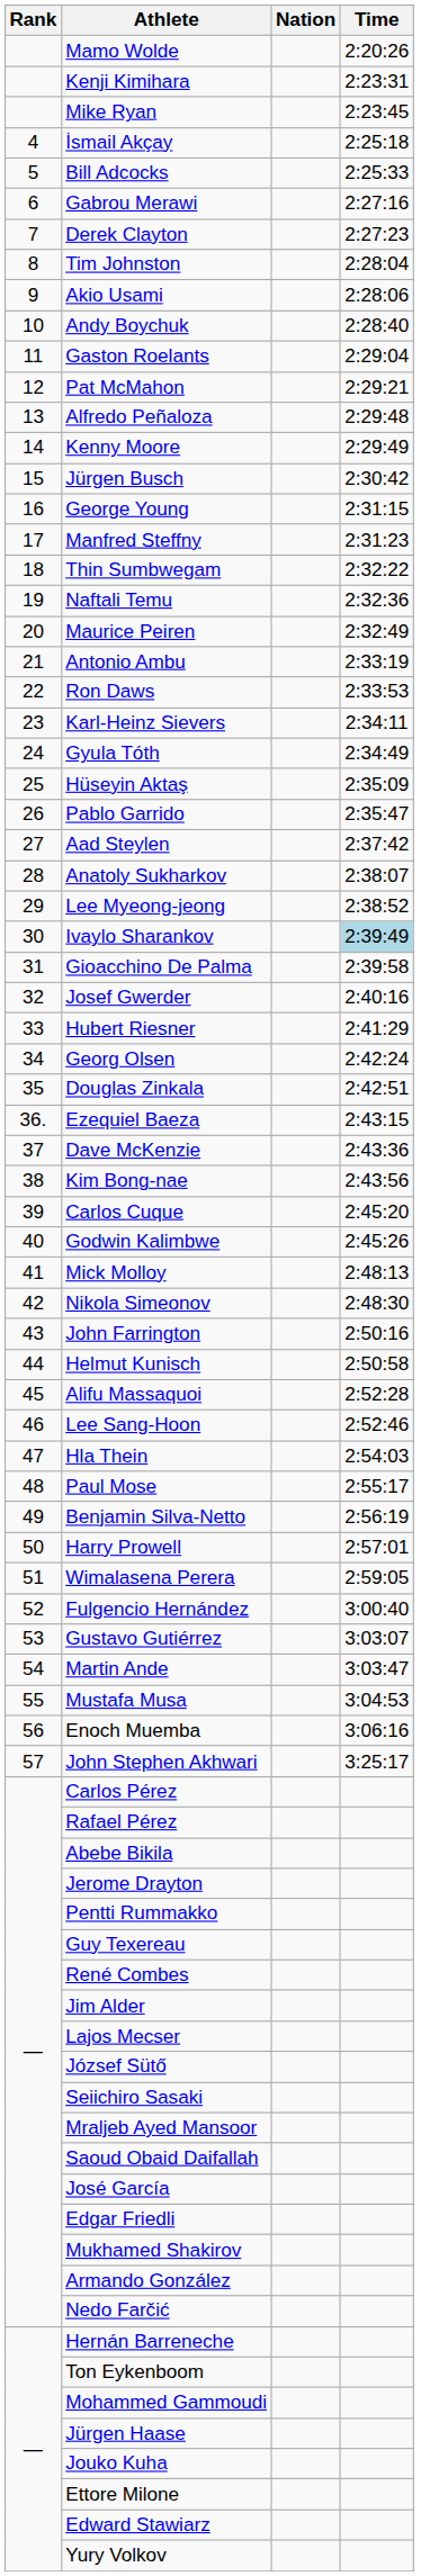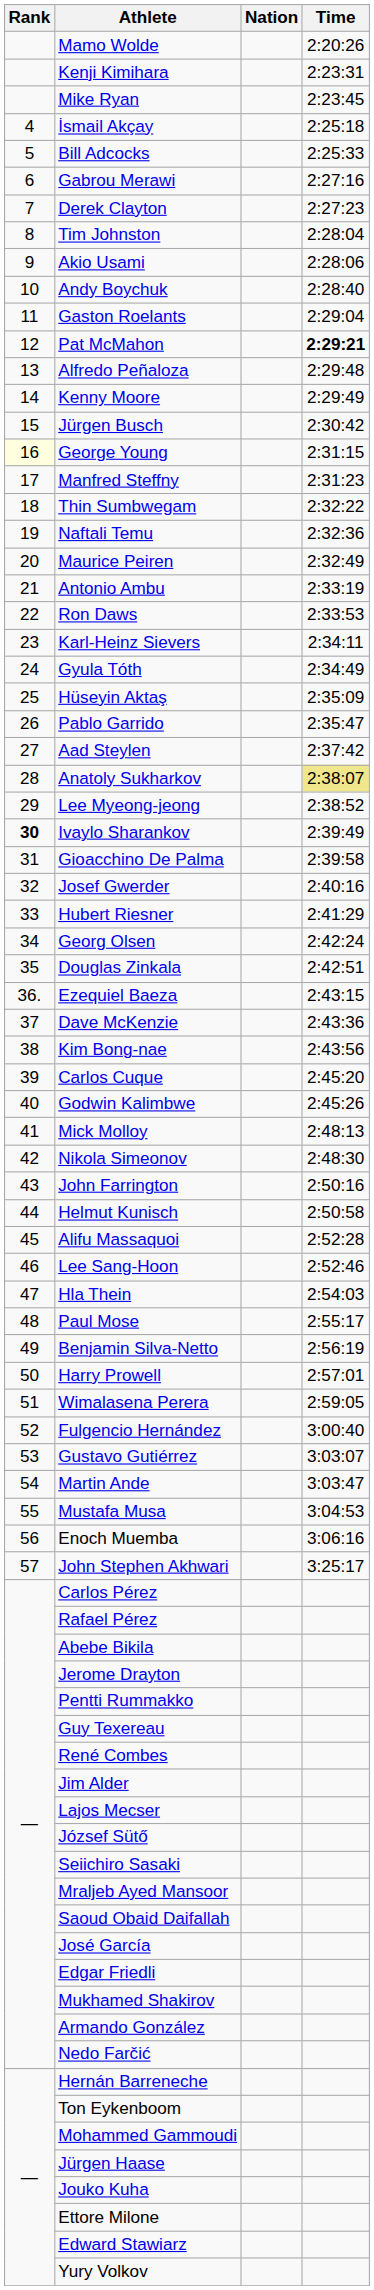 <table class="wikitable sortable" style="text-align:center">
 <tr>
 <th>Rank</th>
 <th>Athlete</th>
 <th>Nation</th>
 <th>Time</th>
 </tr>
 <tr>
 <td></td>
 <td align=left><a href='#'>Mamo Wolde</a></td>
 <td align=left></td>
 <td>2:20:26</td>
 </tr>
 <tr>
 <td></td>
 <td align=left><a href='#'>Kenji Kimihara</a></td>
 <td align=left></td>
 <td>2:23:31</td>
 </tr>
 <tr>
 <td></td>
 <td align=left><a href='#'>Mike Ryan</a></td>
 <td align=left></td>
 <td>2:23:45</td>
 </tr>
 <tr>
 <td>4</td>
 <td align=left><a href='#'>İsmail Akçay</a></td>
 <td align=left></td>
 <td>2:25:18</td>
 </tr>
 <tr>
 <td>5</td>
 <td align=left><a href='#'>Bill Adcocks</a></td>
 <td align=left></td>
 <td>2:25:33</td>
 </tr>
 <tr>
 <td>6</td>
 <td align=left><a href='#'>Gabrou Merawi</a></td>
 <td align=left></td>
 <td>2:27:16</td>
 </tr>
 <tr>
 <td>7</td>
 <td align=left><a href='#'>Derek Clayton</a></td>
 <td align=left></td>
 <td>2:27:23</td>
 </tr>
 <tr>
 <td>8</td>
 <td align=left><a href='#'>Tim Johnston</a></td>
 <td align=left></td>
 <td>2:28:04</td>
 </tr>
 <tr>
 <td>9</td>
 <td align=left><a href='#'>Akio Usami</a></td>
 <td align=left></td>
 <td>2:28:06</td>
 </tr>
 <tr>
 <td>10</td>
 <td align=left><a href='#'>Andy Boychuk</a></td>
 <td align=left></td>
 <td>2:28:40</td>
 </tr>
 <tr>
 <td>11</td>
 <td align=left><a href='#'>Gaston Roelants</a></td>
 <td align=left></td>
 <td>2:29:04</td>
 </tr>
 <tr>
 <td>12</td>
 <td align=left><a href='#'>Pat McMahon</a></td>
 <td align=left></td>
-<td>2:29:21</td>
+<td><strong>2:29:21</strong></td>
 </tr>
 <tr>
 <td>13</td>
 <td align=left><a href='#'>Alfredo Peñaloza</a></td>
 <td align=left></td>
 <td>2:29:48</td>
 </tr>
 <tr>
 <td>14</td>
 <td align=left><a href='#'>Kenny Moore</a></td>
 <td align=left></td>
 <td>2:29:49</td>
 </tr>
 <tr>
 <td>15</td>
 <td align=left><a href='#'>Jürgen Busch</a></td>
 <td align=left></td>
 <td>2:30:42</td>
 </tr>
 <tr>
-<td>16</td>
+<td style="background: lightyellow;">16</td>
 <td align=left><a href='#'>George Young</a></td>
 <td align=left></td>
 <td>2:31:15</td>
 </tr>
 <tr>
 <td>17</td>
 <td align=left><a href='#'>Manfred Steffny</a></td>
 <td align=left></td>
 <td>2:31:23</td>
 </tr>
 <tr>
 <td>18</td>
 <td align=left><a href='#'>Thin Sumbwegam</a></td>
 <td align=left></td>
 <td>2:32:22</td>
 </tr>
 <tr>
 <td>19</td>
 <td align=left><a href='#'>Naftali Temu</a></td>
 <td align=left></td>
 <td>2:32:36</td>
 </tr>
 <tr>
 <td>20</td>
 <td align=left><a href='#'>Maurice Peiren</a></td>
 <td align=left></td>
 <td>2:32:49</td>
 </tr>
 <tr>
 <td>21</td>
 <td align=left><a href='#'>Antonio Ambu</a></td>
 <td align=left></td>
 <td>2:33:19</td>
 </tr>
 <tr>
 <td>22</td>
 <td align=left><a href='#'>Ron Daws</a></td>
 <td align=left></td>
 <td>2:33:53</td>
 </tr>
 <tr>
 <td>23</td>
 <td align=left><a href='#'>Karl-Heinz Sievers</a></td>
 <td align=left></td>
 <td>2:34:11</td>
 </tr>
 <tr>
 <td>24</td>
 <td align=left><a href='#'>Gyula Tóth</a></td>
 <td align=left></td>
 <td>2:34:49</td>
 </tr>
 <tr>
 <td>25</td>
 <td align=left><a href='#'>Hüseyin Aktaş</a></td>
 <td align=left></td>
 <td>2:35:09</td>
 </tr>
 <tr>
 <td>26</td>
 <td align=left><a href='#'>Pablo Garrido</a></td>
 <td align=left></td>
 <td>2:35:47</td>
 </tr>
 <tr>
 <td>27</td>
 <td align=left><a href='#'>Aad Steylen</a></td>
 <td align=left></td>
 <td>2:37:42</td>
 </tr>
 <tr>
 <td>28</td>
 <td align=left><a href='#'>Anatoly Sukharkov</a></td>
 <td align=left></td>
-<td>2:38:07</td>
+<td style="background: khaki;">2:38:07</td>
 </tr>
 <tr>
 <td>29</td>
 <td align=left><a href='#'>Lee Myeong-jeong</a></td>
 <td align=left></td>
 <td>2:38:52</td>
 </tr>
 <tr>
-<td>30</td>
+<td><strong>30</strong></td>
 <td align=left><a href='#'>Ivaylo Sharankov</a></td>
 <td align=left></td>
-<td style="background: lightblue;">2:39:49</td>
+<td>2:39:49</td>
 </tr>
 <tr>
 <td>31</td>
 <td align=left><a href='#'>Gioacchino De Palma</a></td>
 <td align=left></td>
 <td>2:39:58</td>
 </tr>
 <tr>
 <td>32</td>
 <td align=left><a href='#'>Josef Gwerder</a></td>
 <td align=left></td>
 <td>2:40:16</td>
 </tr>
 <tr>
 <td>33</td>
 <td align=left><a href='#'>Hubert Riesner</a></td>
 <td align=left></td>
 <td>2:41:29</td>
 </tr>
 <tr>
 <td>34</td>
 <td align=left><a href='#'>Georg Olsen</a></td>
 <td align=left></td>
 <td>2:42:24</td>
 </tr>
 <tr>
 <td>35</td>
 <td align=left><a href='#'>Douglas Zinkala</a></td>
 <td align=left></td>
 <td>2:42:51</td>
 </tr>
 <tr>
 <td>36.</td>
 <td align=left><a href='#'>Ezequiel Baeza</a></td>
 <td align=left></td>
 <td>2:43:15</td>
 </tr>
 <tr>
 <td>37</td>
 <td align=left><a href='#'>Dave McKenzie</a></td>
 <td align=left></td>
 <td>2:43:36</td>
 </tr>
 <tr>
 <td>38</td>
 <td align=left><a href='#'>Kim Bong-nae</a></td>
 <td align=left></td>
 <td>2:43:56</td>
 </tr>
 <tr>
 <td>39</td>
 <td align=left><a href='#'>Carlos Cuque</a></td>
 <td align=left></td>
 <td>2:45:20</td>
 </tr>
 <tr>
 <td>40</td>
 <td align=left><a href='#'>Godwin Kalimbwe</a></td>
 <td align=left></td>
 <td>2:45:26</td>
 </tr>
 <tr>
 <td>41</td>
 <td align=left><a href='#'>Mick Molloy</a></td>
 <td align=left></td>
 <td>2:48:13</td>
 </tr>
 <tr>
 <td>42</td>
 <td align=left><a href='#'>Nikola Simeonov</a></td>
 <td align=left></td>
 <td>2:48:30</td>
 </tr>
 <tr>
 <td>43</td>
 <td align=left><a href='#'>John Farrington</a></td>
 <td align=left></td>
 <td>2:50:16</td>
 </tr>
 <tr>
 <td>44</td>
 <td align=left><a href='#'>Helmut Kunisch</a></td>
 <td align=left></td>
 <td>2:50:58</td>
 </tr>
 <tr>
 <td>45</td>
 <td align=left><a href='#'>Alifu Massaquoi</a></td>
 <td align=left></td>
 <td>2:52:28</td>
 </tr>
 <tr>
 <td>46</td>
 <td align=left><a href='#'>Lee Sang-Hoon</a></td>
 <td align=left></td>
 <td>2:52:46</td>
 </tr>
 <tr>
 <td>47</td>
 <td align=left><a href='#'>Hla Thein</a></td>
 <td align=left></td>
 <td>2:54:03</td>
 </tr>
 <tr>
 <td>48</td>
 <td align=left><a href='#'>Paul Mose</a></td>
 <td align=left></td>
 <td>2:55:17</td>
 </tr>
 <tr>
 <td>49</td>
 <td align=left><a href='#'>Benjamin Silva-Netto</a></td>
 <td align=left></td>
 <td>2:56:19</td>
 </tr>
 <tr>
 <td>50</td>
 <td align=left><a href='#'>Harry Prowell</a></td>
 <td align=left></td>
 <td>2:57:01</td>
 </tr>
 <tr>
 <td>51</td>
 <td align=left><a href='#'>Wimalasena Perera</a></td>
 <td align=left></td>
 <td>2:59:05</td>
 </tr>
 <tr>
 <td>52</td>
 <td align=left><a href='#'>Fulgencio Hernández</a></td>
 <td align=left></td>
 <td>3:00:40</td>
 </tr>
 <tr>
 <td>53</td>
 <td align=left><a href='#'>Gustavo Gutiérrez</a></td>
 <td align=left></td>
 <td>3:03:07</td>
 </tr>
 <tr>
 <td>54</td>
 <td align=left><a href='#'>Martin Ande</a></td>
 <td align=left></td>
 <td>3:03:47</td>
 </tr>
 <tr>
 <td>55</td>
 <td align=left><a href='#'>Mustafa Musa</a></td>
 <td align=left></td>
 <td>3:04:53</td>
 </tr>
 <tr>
 <td>56</td>
 <td align=left>Enoch Muemba</td>
 <td align=left></td>
 <td>3:06:16</td>
 </tr>
 <tr>
 <td>57</td>
 <td align=left><a href='#'>John Stephen Akhwari</a></td>
 <td align=left></td>
 <td>3:25:17</td>
 </tr>
 <tr>
 <td rowspan=18 data-sort-value=58>—</td>
 <td align=left><a href='#'>Carlos Pérez</a></td>
 <td align=left></td>
 <td data-sort-value=4:00:00></td>
 </tr>
 <tr>
 <td align=left><a href='#'>Rafael Pérez</a></td>
 <td align=left></td>
 <td data-sort-value=4:00:00></td>
 </tr>
 <tr>
 <td align=left><a href='#'>Abebe Bikila</a></td>
 <td align=left></td>
 <td data-sort-value=4:00:00></td>
 </tr>
 <tr>
 <td align=left><a href='#'>Jerome Drayton</a></td>
 <td align=left></td>
 <td data-sort-value=4:00:00></td>
 </tr>
 <tr>
 <td align=left><a href='#'>Pentti Rummakko</a></td>
 <td align=left></td>
 <td data-sort-value=4:00:00></td>
 </tr>
 <tr>
 <td align=left><a href='#'>Guy Texereau</a></td>
 <td align=left></td>
 <td data-sort-value=4:00:00></td>
 </tr>
 <tr>
 <td align=left><a href='#'>René Combes</a></td>
 <td align=left></td>
 <td data-sort-value=4:00:00></td>
 </tr>
 <tr>
 <td align=left><a href='#'>Jim Alder</a></td>
 <td align=left></td>
 <td data-sort-value=4:00:00></td>
 </tr>
 <tr>
 <td align=left><a href='#'>Lajos Mecser</a></td>
 <td align=left></td>
 <td data-sort-value=4:00:00></td>
 </tr>
 <tr>
 <td align=left><a href='#'>József Sütő</a></td>
 <td align=left></td>
 <td data-sort-value=4:00:00></td>
 </tr>
 <tr>
 <td align=left><a href='#'>Seiichiro Sasaki</a></td>
 <td align=left></td>
 <td data-sort-value=4:00:00></td>
 </tr>
 <tr>
 <td align=left><a href='#'>Mraljeb Ayed Mansoor</a></td>
 <td align=left></td>
 <td data-sort-value=4:00:00></td>
 </tr>
 <tr>
 <td align=left><a href='#'>Saoud Obaid Daifallah</a></td>
 <td align=left></td>
 <td data-sort-value=4:00:00></td>
 </tr>
 <tr>
 <td align=left><a href='#'>José García</a></td>
 <td align=left></td>
 <td data-sort-value=4:00:00></td>
 </tr>
 <tr>
 <td align=left><a href='#'>Edgar Friedli</a></td>
 <td align=left></td>
 <td data-sort-value=4:00:00></td>
 </tr>
 <tr>
 <td align=left><a href='#'>Mukhamed Shakirov</a></td>
 <td align=left></td>
 <td data-sort-value=4:00:00></td>
 </tr>
 <tr>
 <td align=left><a href='#'>Armando González</a></td>
 <td align=left></td>
 <td data-sort-value=4:00:00></td>
 </tr>
 <tr>
 <td align=left><a href='#'>Nedo Farčić</a></td>
 <td align=left></td>
 <td data-sort-value=4:00:00></td>
 </tr>
 <tr>
 <td rowspan=8 data-sort-value=76>—</td>
 <td align=left><a href='#'>Hernán Barreneche</a></td>
 <td align=left></td>
 <td data-sort-value=9:00:00></td>
 </tr>
 <tr>
 <td align=left>Ton Eykenboom</td>
 <td align=left></td>
 <td data-sort-value=9:00:00></td>
 </tr>
 <tr>
 <td align=left><a href='#'>Mohammed Gammoudi</a></td>
 <td align=left></td>
 <td data-sort-value=9:00:00></td>
 </tr>
 <tr>
 <td align=left><a href='#'>Jürgen Haase</a></td>
 <td align=left></td>
 <td data-sort-value=9:00:00></td>
 </tr>
 <tr>
 <td align=left><a href='#'>Jouko Kuha</a></td>
 <td align=left></td>
 <td data-sort-value=9:00:00></td>
 </tr>
 <tr>
 <td align=left>Ettore Milone</td>
 <td align=left></td>
 <td data-sort-value=9:00:00></td>
 </tr>
 <tr>
 <td align=left><a href='#'>Edward Stawiarz</a></td>
 <td align=left></td>
 <td data-sort-value=9:00:00></td>
 </tr>
 <tr>
 <td align=left>Yury Volkov</td>
 <td align=left></td>
 <td data-sort-value=9:00:00></td>
 </tr>
 </table>
